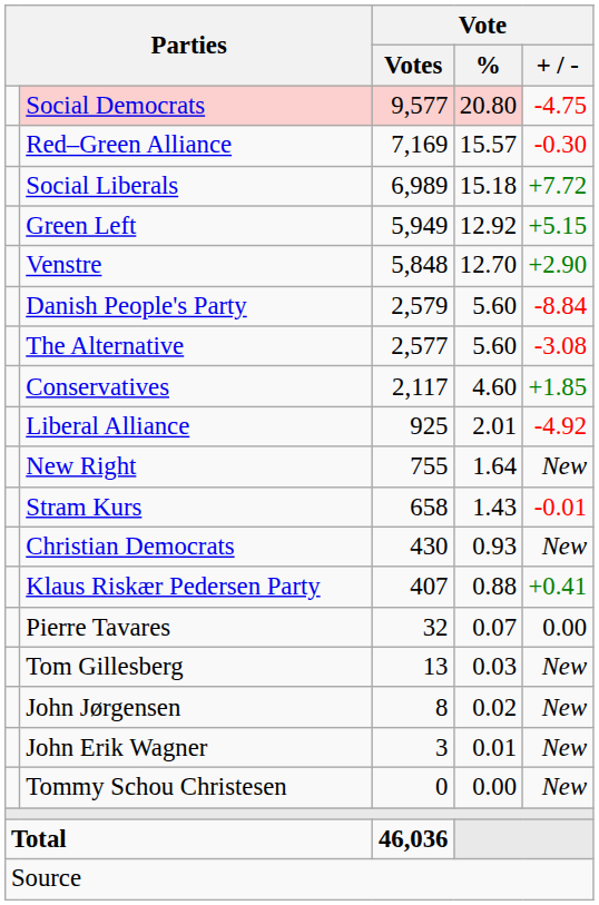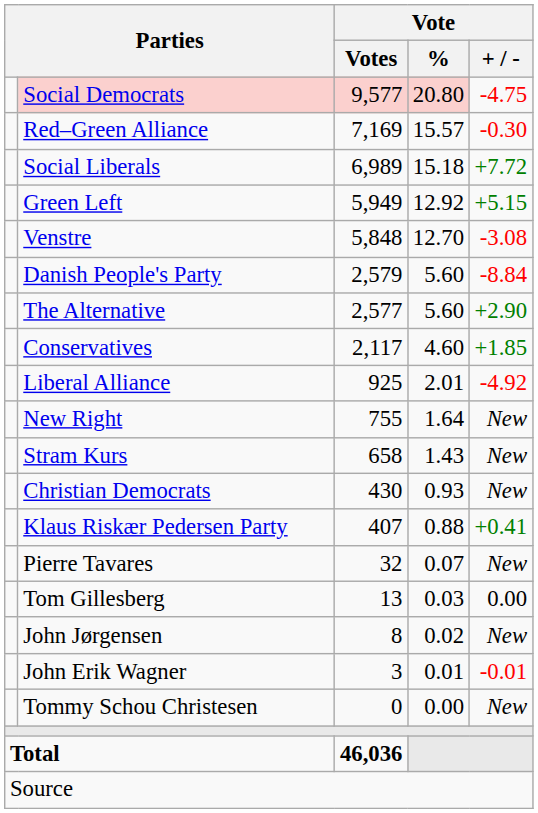 <table class="wikitable" style="text-align:right;">
 <tr>
 <th style="text-align:centre;" rowspan="2" colspan="2" width="225">Parties</th>
 <th colspan="3">Vote</th>
 </tr>
 <tr>
 <th width="15">Votes</th>
 <th width="15">%</th>
 <th width="15">+ / -</th>
 </tr>
 <tr>
 <td width="2" style="color:inherit;background:"></td>
 <td bgcolor=#fbd0ce  align="left"><a href='#'>Social Democrats</a></td>
 <td bgcolor=#fbd0ce>9,577</td>
 <td bgcolor=#fbd0ce>20.80</td>
 <td style=color:red;>-4.75</td>
 </tr>
 <tr>
 <td width="2" style="color:inherit;background:"></td>
 <td align="left"><a href='#'>Red–Green Alliance</a></td>
 <td>7,169</td>
 <td>15.57</td>
 <td style=color:red;>-0.30</td>
 </tr>
 <tr>
 <td width="2" style="color:inherit;background:"></td>
 <td align="left"><a href='#'>Social Liberals</a></td>
 <td>6,989</td>
 <td>15.18</td>
 <td style=color:green;>+7.72</td>
 </tr>
 <tr>
 <td width="2" style="color:inherit;background:"></td>
 <td align="left"><a href='#'>Green Left</a></td>
 <td>5,949</td>
 <td>12.92</td>
 <td style=color:green;>+5.15</td>
 </tr>
 <tr>
 <td width="2" style="color:inherit;background:"></td>
 <td align="left"><a href='#'>Venstre</a></td>
 <td>5,848</td>
 <td>12.70</td>
-<td style=color:green;>+2.90</td>
+<td style=color:red;>-3.08</td>
 </tr>
 <tr>
 <td width="2" style="color:inherit;background:"></td>
 <td align="left"><a href='#'>Danish People's Party</a></td>
 <td>2,579</td>
 <td>5.60</td>
 <td style=color:red;>-8.84</td>
 </tr>
 <tr>
 <td width="2" style="color:inherit;background:"></td>
 <td align="left"><a href='#'>The Alternative</a></td>
 <td>2,577</td>
 <td>5.60</td>
-<td style=color:red;>-3.08</td>
+<td style=color:green;>+2.90</td>
 </tr>
 <tr>
 <td width="2" style="color:inherit;background:"></td>
 <td align="left"><a href='#'>Conservatives</a></td>
 <td>2,117</td>
 <td>4.60</td>
 <td style=color:green;>+1.85</td>
 </tr>
 <tr>
 <td width="2" style="color:inherit;background:"></td>
 <td align="left"><a href='#'>Liberal Alliance</a></td>
 <td>925</td>
 <td>2.01</td>
 <td style=color:red;>-4.92</td>
 </tr>
 <tr>
 <td width="2" style="color:inherit;background:"></td>
 <td align="left"><a href='#'>New Right</a></td>
 <td>755</td>
 <td>1.64</td>
 <td><em>New</em></td>
 </tr>
 <tr>
 <td width="2" style="color:inherit;background:"></td>
 <td align="left"><a href='#'>Stram Kurs</a></td>
 <td>658</td>
 <td>1.43</td>
-<td style=color:red;>-0.01</td>
+<td><em>New</em></td>
 </tr>
 <tr>
 <td width="2" style="color:inherit;background:"></td>
 <td align="left"><a href='#'>Christian Democrats</a></td>
 <td>430</td>
 <td>0.93</td>
 <td><em>New</em></td>
 </tr>
 <tr>
 <td width="2" style="color:inherit;background:"></td>
 <td align="left"><a href='#'>Klaus Riskær Pedersen Party</a></td>
 <td>407</td>
 <td>0.88</td>
 <td style=color:green;>+0.41</td>
 </tr>
 <tr>
 <td width="2" style="color:inherit;background:"></td>
 <td align="left">Pierre Tavares</td>
 <td>32</td>
 <td>0.07</td>
-<td>0.00</td>
+<td><em>New</em></td>
 </tr>
 <tr>
 <td width="2" style="color:inherit;background:"></td>
 <td align="left">Tom Gillesberg</td>
 <td>13</td>
 <td>0.03</td>
-<td><em>New</em></td>
+<td>0.00</td>
 </tr>
 <tr>
 <td width="2" style="color:inherit;background:"></td>
 <td align="left">John Jørgensen</td>
 <td>8</td>
 <td>0.02</td>
 <td><em>New</em></td>
 </tr>
 <tr>
 <td width="2" style="color:inherit;background:"></td>
 <td align="left">John Erik Wagner</td>
 <td>3</td>
 <td>0.01</td>
-<td><em>New</em></td>
+<td style=color:red;>-0.01</td>
 </tr>
 <tr>
 <td width="2" style="color:inherit;background:"></td>
 <td align="left">Tommy Schou Christesen</td>
 <td>0</td>
 <td>0.00</td>
 <td><em>New</em></td>
 </tr>
 <tr>
 <td colspan="7" bgcolor="#E9E9E9"></td>
 </tr>
 <tr>
 <td align="left" colspan="2"><strong>Total</strong></td>
 <td><strong>46,036</strong></td>
 <td bgcolor="#E9E9E9" colspan="2"></td>
 </tr>
 <tr>
 <td align="left" colspan="6">Source</td>
 </tr>
 </table>
